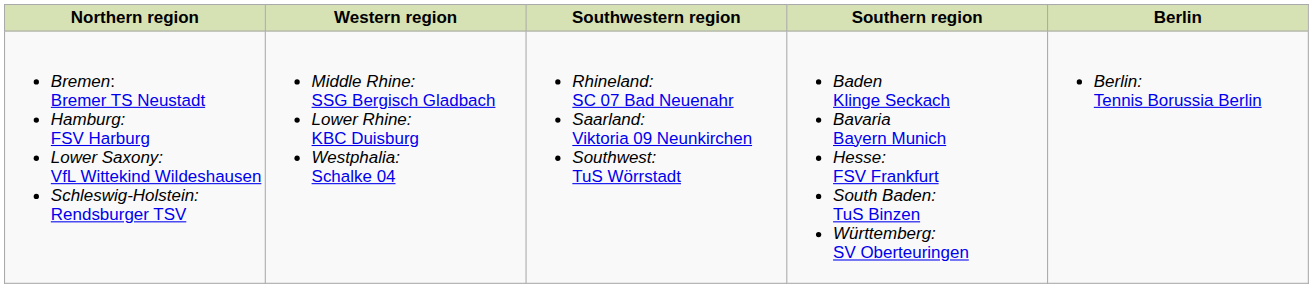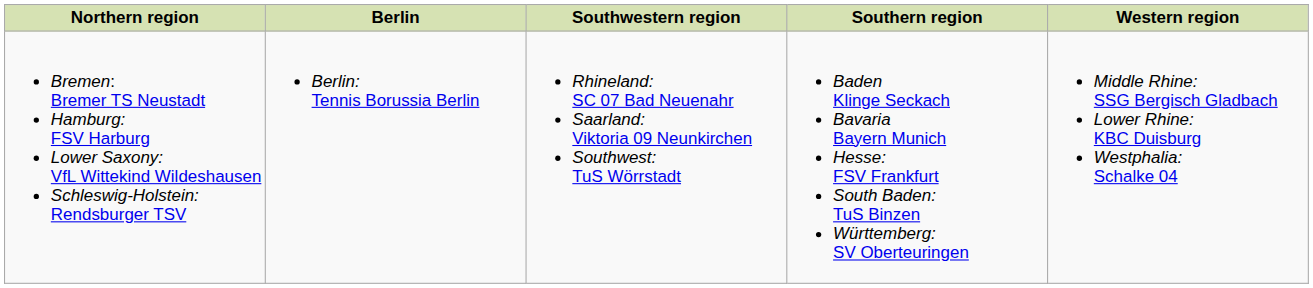 <table class="wikitable">
 <tr valign="top" style="background-color: #d6e2b3;">
 <td style="width: 20%; text-align:center;"><strong>Northern region</strong></td>
-<td style="width: 20%; text-align:center;"><strong>Western region</strong></td>
+<td style="width: 20%; text-align:center;"><strong>Berlin</strong></td>
 <td style="width: 20%; text-align:center;"><strong>Southwestern region</strong></td>
 <td style="width: 20%; text-align:center;"><strong>Southern region</strong></td>
-<td style="width: 20%; text-align:center;"><strong>Berlin</strong></td>
+<td style="width: 20%; text-align:center;"><strong>Western region</strong></td>
 </tr>
 <tr valign="top">
 <td><br><ul><li><em>Bremen</em>:<br><a href='#'>Bremer TS Neustadt</a></li><li><em>Hamburg:</em><br><a href='#'>FSV Harburg</a></li><li><em>Lower Saxony:</em><br><a href='#'>VfL Wittekind Wildeshausen</a></li><li><em>Schleswig-Holstein:</em><br><a href='#'>Rendsburger TSV</a></li></ul></td>
-<td><br><ul><li><em>Middle Rhine:</em><br><a href='#'>SSG Bergisch Gladbach</a></li><li><em>Lower Rhine:</em><br><a href='#'>KBC Duisburg</a></li><li><em>Westphalia:</em><br><a href='#'>Schalke 04</a></li></ul></td>
+<td><br><ul><li><em>Berlin:</em><br><a href='#'>Tennis Borussia Berlin</a></li></ul></td>
 <td><br><ul><li><em>Rhineland:</em><br><a href='#'>SC 07 Bad Neuenahr</a></li><li><em>Saarland:</em> <br><a href='#'>Viktoria 09 Neunkirchen</a></li><li><em>Southwest:</em><br><a href='#'>TuS Wörrstadt</a></li></ul></td>
 <td><br><ul><li><em>Baden</em><br><a href='#'>Klinge Seckach</a></li><li><em>Bavaria</em><br><a href='#'>Bayern Munich</a></li><li><em>Hesse:</em><br><a href='#'>FSV Frankfurt</a></li><li><em>South Baden:</em><br><a href='#'>TuS Binzen</a></li><li><em>Württemberg:</em><br><a href='#'>SV Oberteuringen</a></li></ul></td>
-<td><br><ul><li><em>Berlin:</em><br><a href='#'>Tennis Borussia Berlin</a></li></ul></td>
+<td><br><ul><li><em>Middle Rhine:</em><br><a href='#'>SSG Bergisch Gladbach</a></li><li><em>Lower Rhine:</em><br><a href='#'>KBC Duisburg</a></li><li><em>Westphalia:</em><br><a href='#'>Schalke 04</a></li></ul></td>
 </tr>
 </table>
